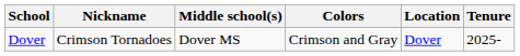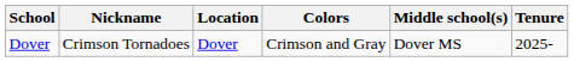 <table class="wikitable">
 <tr>
 <th>School</th>
 <th>Nickname</th>
+<th>Location</th>
+<th>Colors</th>
 <th>Middle school(s)</th>
-<th>Colors</th>
-<th>Location</th>
 <th>Tenure</th>
 </tr>
 <tr>
 <td><a href='#'>Dover</a></td>
 <td>Crimson Tornadoes</td>
+<td><a href='#'>Dover</a></td>
+<td>Crimson and Gray<br> </td>
 <td>Dover MS</td>
-<td>Crimson and Gray<br> </td>
-<td><a href='#'>Dover</a></td>
 <td>2025-</td>
 </tr>
 </table>
